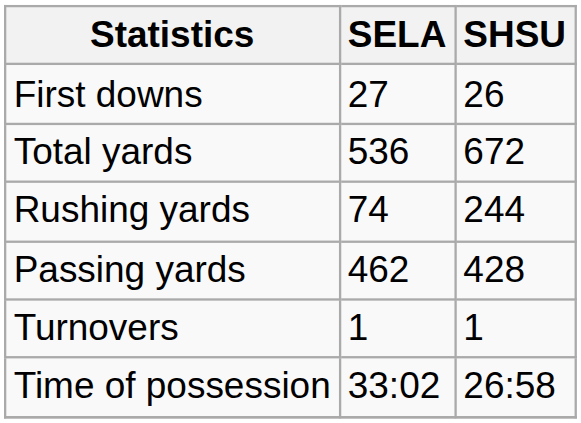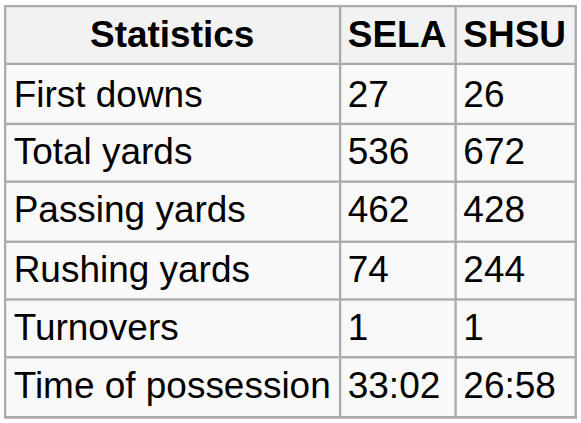 <table class="wikitable" style="float: left;">
 <tr>
 <th>Statistics</th>
 <th>SELA</th>
 <th>SHSU</th>
 </tr>
 <tr>
 <td>First downs</td>
 <td>27</td>
 <td>26</td>
 </tr>
 <tr>
 <td>Total yards</td>
 <td>536</td>
 <td>672</td>
 </tr>
 <tr>
+<td>Passing yards</td>
+<td>462</td>
+<td>428</td>
+</tr>
+<tr>
 <td>Rushing yards</td>
 <td>74</td>
 <td>244</td>
-</tr>
-<tr>
-<td>Passing yards</td>
-<td>462</td>
-<td>428</td>
 </tr>
 <tr>
 <td>Turnovers</td>
 <td>1</td>
 <td>1</td>
 </tr>
 <tr>
 <td>Time of possession</td>
 <td>33:02</td>
 <td>26:58</td>
 </tr>
 <tr>
 </tr>
 </table>
